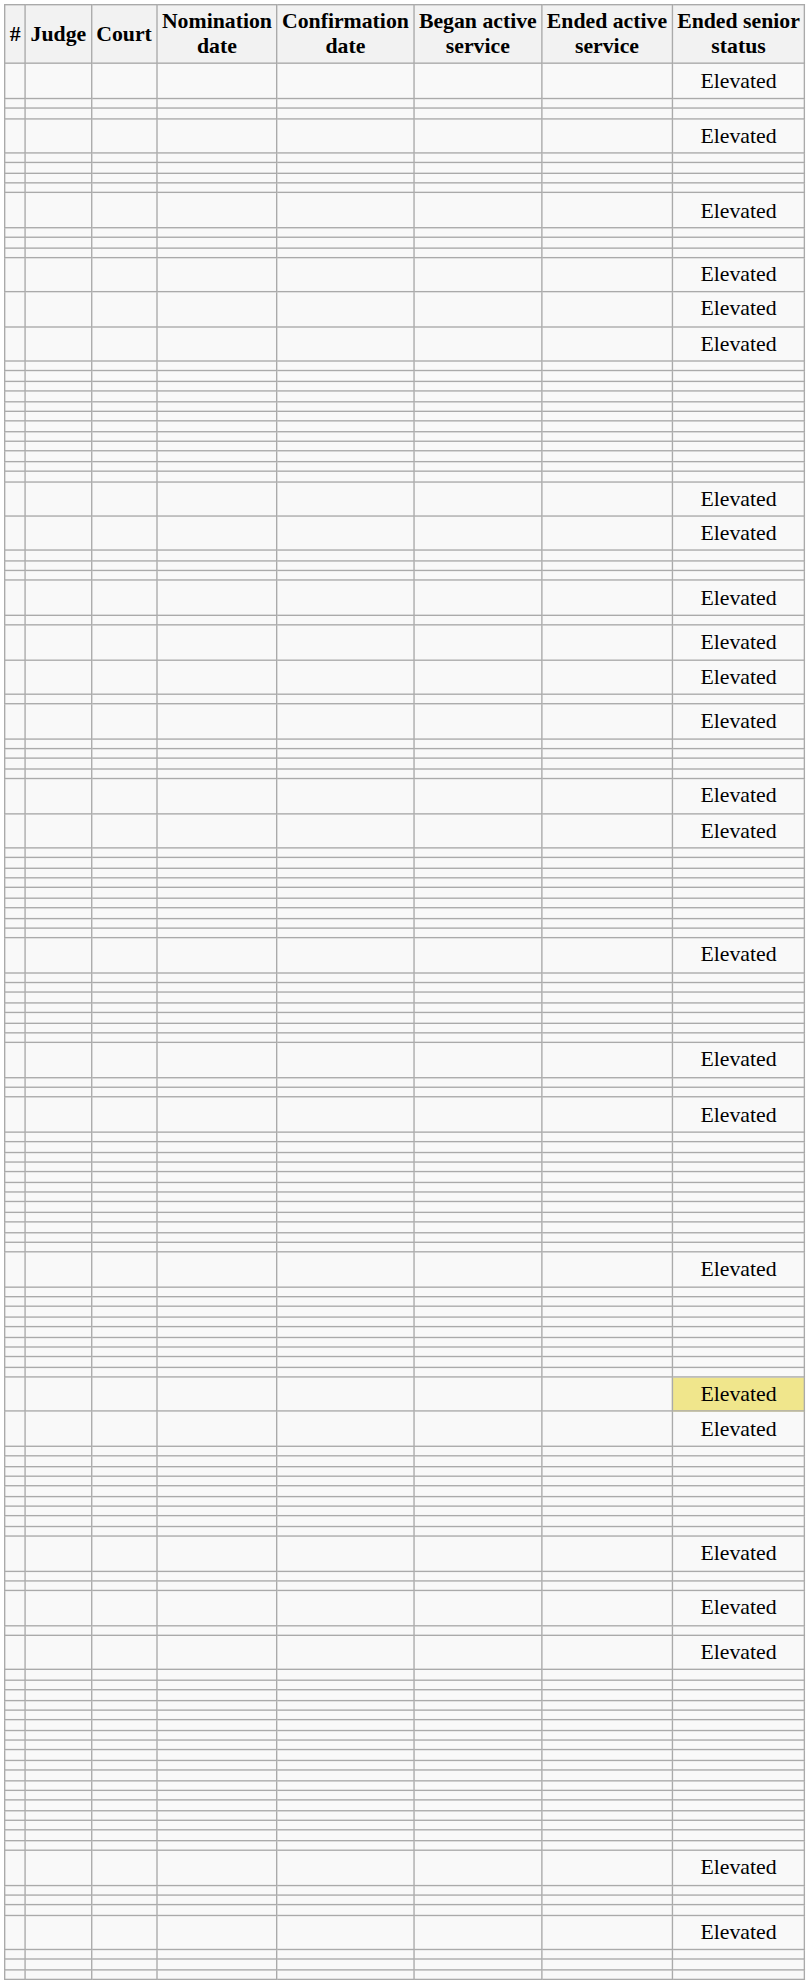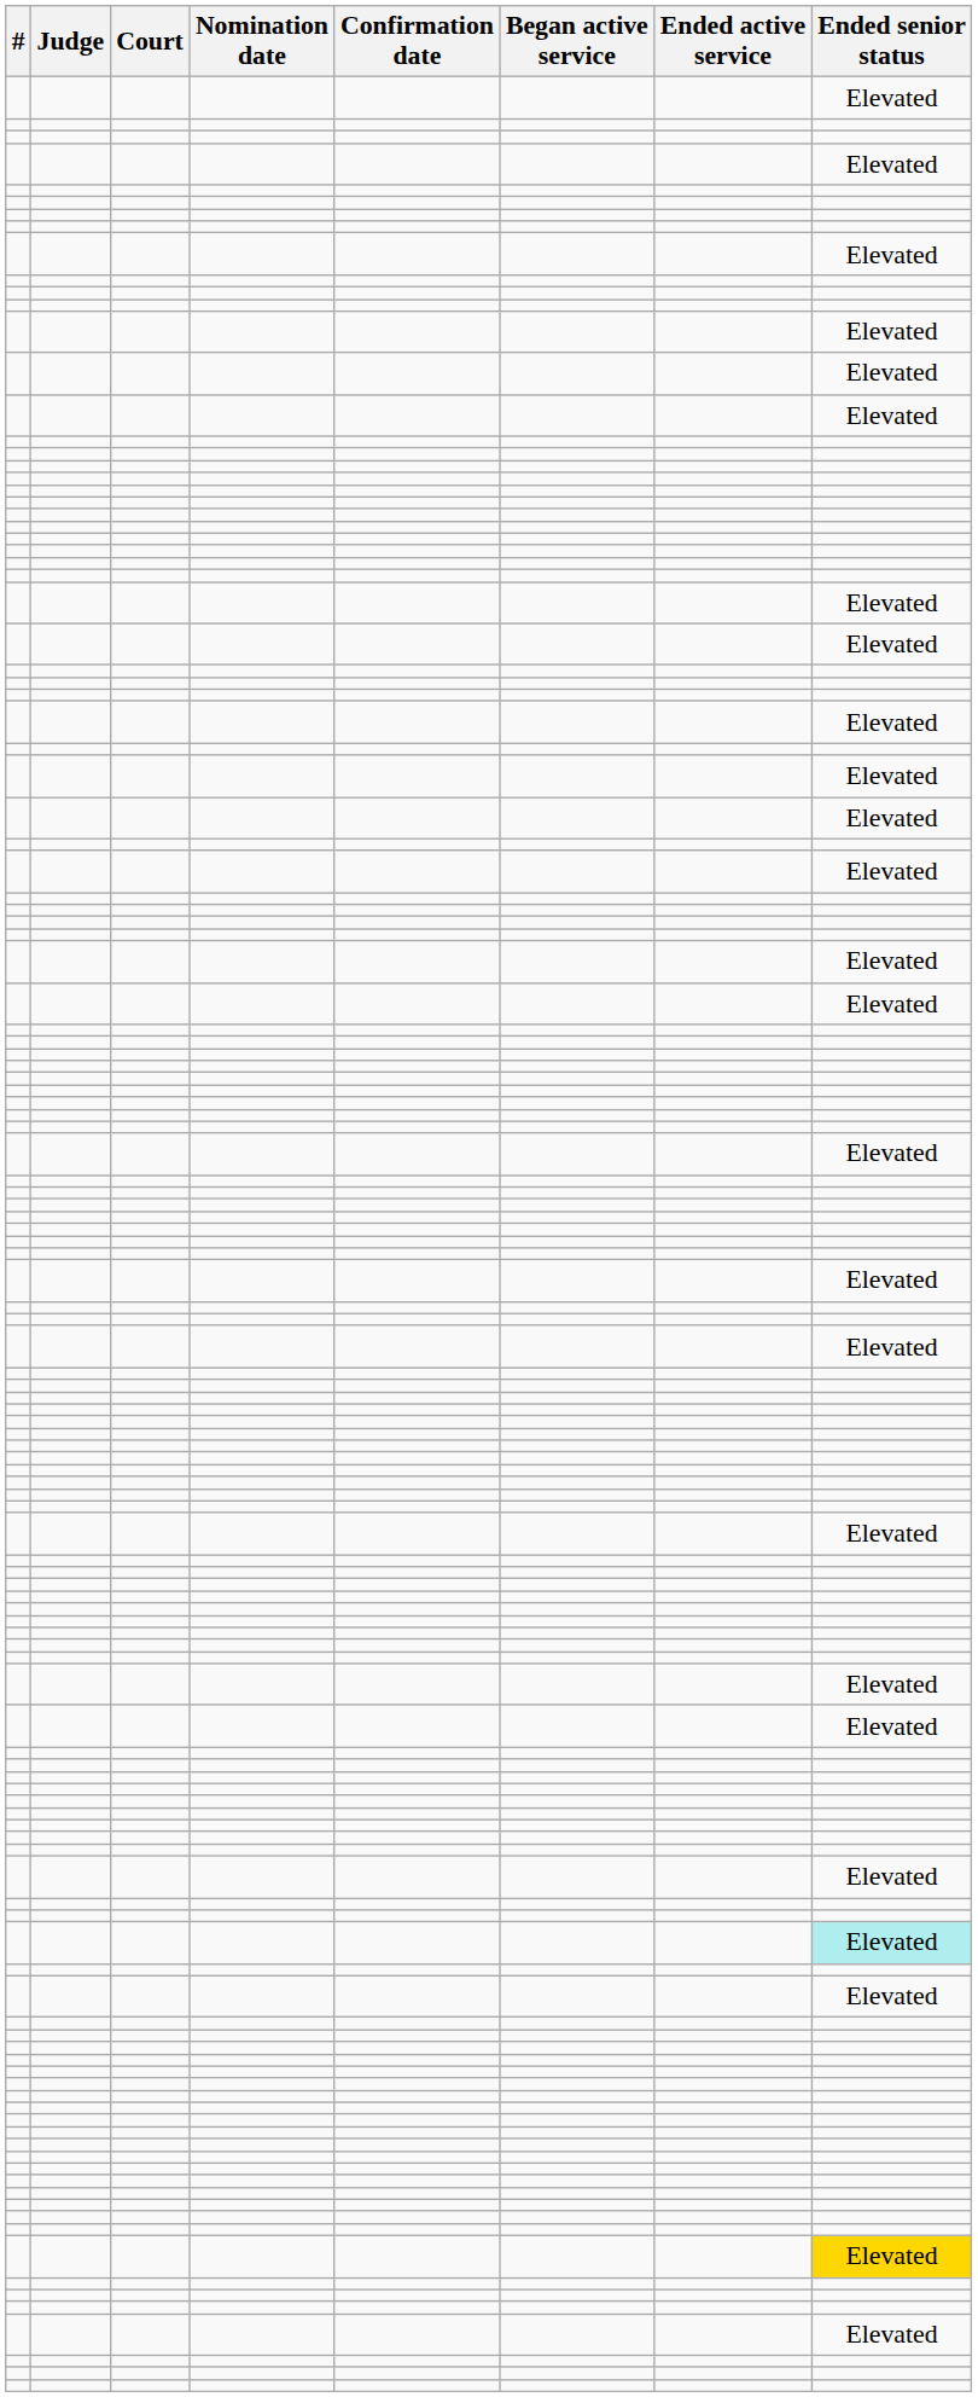 <table class="sortable wikitable">
 <tr bgcolor="#ececec">
 <th>#</th>
 <th>Judge</th>
 <th>Court<br></th>
 <th>Nomination<br>date</th>
 <th>Confirmation<br>date</th>
 <th>Began active<br>service</th>
 <th>Ended active<br>service</th>
 <th>Ended senior<br>status</th>
 </tr>
 <tr>
 <td></td>
 <td></td>
 <td></td>
 <td></td>
 <td></td>
 <td></td>
 <td></td>
 <td align="center">Elevated</td>
 </tr>
 <tr>
 <td></td>
 <td></td>
 <td></td>
 <td></td>
 <td></td>
 <td></td>
 <td></td>
 <td></td>
 </tr>
 <tr>
 <td></td>
 <td></td>
 <td></td>
 <td></td>
 <td></td>
 <td></td>
 <td></td>
 <td></td>
 </tr>
 <tr>
 <td></td>
 <td></td>
 <td></td>
 <td></td>
 <td></td>
 <td></td>
 <td></td>
 <td align="center">Elevated</td>
 </tr>
 <tr>
 <td></td>
 <td></td>
 <td></td>
 <td></td>
 <td></td>
 <td></td>
 <td></td>
 <td></td>
 </tr>
 <tr>
 <td></td>
 <td></td>
 <td></td>
 <td></td>
 <td></td>
 <td></td>
 <td></td>
 <td></td>
 </tr>
 <tr>
 <td></td>
 <td></td>
 <td></td>
 <td></td>
 <td></td>
 <td></td>
 <td></td>
 <td></td>
 </tr>
 <tr>
 <td></td>
 <td></td>
 <td></td>
 <td></td>
 <td></td>
 <td></td>
 <td></td>
 <td></td>
 </tr>
 <tr>
 <td></td>
 <td></td>
 <td></td>
 <td></td>
 <td></td>
 <td></td>
 <td></td>
 <td align="center">Elevated</td>
 </tr>
 <tr>
 <td></td>
 <td></td>
 <td></td>
 <td></td>
 <td></td>
 <td></td>
 <td></td>
 <td></td>
 </tr>
 <tr>
 <td></td>
 <td></td>
 <td></td>
 <td></td>
 <td></td>
 <td></td>
 <td></td>
 <td></td>
 </tr>
 <tr>
 <td></td>
 <td></td>
 <td></td>
 <td></td>
 <td></td>
 <td></td>
 <td></td>
 <td align="center"></td>
 </tr>
 <tr>
 <td></td>
 <td></td>
 <td></td>
 <td></td>
 <td></td>
 <td></td>
 <td></td>
 <td align="center">Elevated</td>
 </tr>
 <tr>
 <td></td>
 <td></td>
 <td></td>
 <td></td>
 <td></td>
 <td></td>
 <td></td>
 <td align="center">Elevated</td>
 </tr>
 <tr>
 <td></td>
 <td></td>
 <td></td>
 <td></td>
 <td></td>
 <td></td>
 <td></td>
 <td align="center">Elevated</td>
 </tr>
 <tr>
 <td></td>
 <td></td>
 <td></td>
 <td></td>
 <td></td>
 <td></td>
 <td></td>
 <td align="center"></td>
 </tr>
 <tr>
 <td></td>
 <td></td>
 <td></td>
 <td></td>
 <td></td>
 <td></td>
 <td></td>
 <td align="center"></td>
 </tr>
 <tr>
 <td></td>
 <td></td>
 <td></td>
 <td></td>
 <td></td>
 <td></td>
 <td></td>
 <td align="center"></td>
 </tr>
 <tr>
 <td></td>
 <td></td>
 <td></td>
 <td></td>
 <td></td>
 <td></td>
 <td></td>
 <td></td>
 </tr>
 <tr>
 <td></td>
 <td></td>
 <td></td>
 <td></td>
 <td></td>
 <td></td>
 <td></td>
 <td></td>
 </tr>
 <tr>
 <td></td>
 <td></td>
 <td></td>
 <td></td>
 <td></td>
 <td></td>
 <td></td>
 <td align="center"></td>
 </tr>
 <tr>
 <td></td>
 <td></td>
 <td></td>
 <td></td>
 <td></td>
 <td></td>
 <td></td>
 <td align="center"></td>
 </tr>
 <tr>
 <td></td>
 <td></td>
 <td></td>
 <td></td>
 <td></td>
 <td></td>
 <td></td>
 <td></td>
 </tr>
 <tr>
 <td></td>
 <td></td>
 <td></td>
 <td></td>
 <td></td>
 <td></td>
 <td></td>
 <td></td>
 </tr>
 <tr>
 <td></td>
 <td></td>
 <td></td>
 <td></td>
 <td></td>
 <td></td>
 <td></td>
 <td></td>
 </tr>
 <tr>
 <td></td>
 <td></td>
 <td></td>
 <td></td>
 <td></td>
 <td></td>
 <td></td>
 <td></td>
 </tr>
 <tr>
 <td></td>
 <td></td>
 <td></td>
 <td></td>
 <td></td>
 <td></td>
 <td></td>
 <td></td>
 </tr>
 <tr>
 <td></td>
 <td></td>
 <td></td>
 <td></td>
 <td></td>
 <td></td>
 <td></td>
 <td align="center">Elevated</td>
 </tr>
 <tr>
 <td></td>
 <td></td>
 <td></td>
 <td></td>
 <td></td>
 <td></td>
 <td></td>
 <td align="center">Elevated</td>
 </tr>
 <tr>
 <td></td>
 <td></td>
 <td></td>
 <td></td>
 <td></td>
 <td></td>
 <td></td>
 <td></td>
 </tr>
 <tr>
 <td></td>
 <td></td>
 <td></td>
 <td></td>
 <td></td>
 <td></td>
 <td></td>
 <td></td>
 </tr>
 <tr>
 <td></td>
 <td></td>
 <td></td>
 <td></td>
 <td></td>
 <td></td>
 <td></td>
 <td></td>
 </tr>
 <tr>
 <td></td>
 <td></td>
 <td></td>
 <td></td>
 <td></td>
 <td></td>
 <td></td>
 <td align="center">Elevated</td>
 </tr>
 <tr>
 <td></td>
 <td></td>
 <td></td>
 <td></td>
 <td></td>
 <td></td>
 <td></td>
 <td align="center"></td>
 </tr>
 <tr>
 <td></td>
 <td></td>
 <td></td>
 <td></td>
 <td></td>
 <td></td>
 <td></td>
 <td align="center">Elevated</td>
 </tr>
 <tr>
 <td></td>
 <td></td>
 <td></td>
 <td></td>
 <td></td>
 <td></td>
 <td></td>
 <td align="center">Elevated</td>
 </tr>
 <tr>
 <td></td>
 <td></td>
 <td></td>
 <td></td>
 <td></td>
 <td></td>
 <td></td>
 <td></td>
 </tr>
 <tr>
 <td></td>
 <td></td>
 <td></td>
 <td></td>
 <td></td>
 <td></td>
 <td></td>
 <td align="center">Elevated</td>
 </tr>
 <tr>
 <td></td>
 <td></td>
 <td></td>
 <td></td>
 <td></td>
 <td></td>
 <td></td>
 <td></td>
 </tr>
 <tr>
 <td></td>
 <td></td>
 <td></td>
 <td></td>
 <td></td>
 <td></td>
 <td></td>
 <td align="center"></td>
 </tr>
 <tr>
 <td></td>
 <td></td>
 <td></td>
 <td></td>
 <td></td>
 <td></td>
 <td></td>
 <td></td>
 </tr>
 <tr>
 <td></td>
 <td></td>
 <td></td>
 <td></td>
 <td></td>
 <td></td>
 <td></td>
 <td></td>
 </tr>
 <tr>
 <td></td>
 <td></td>
 <td></td>
 <td></td>
 <td></td>
 <td></td>
 <td></td>
 <td align="center">Elevated</td>
 </tr>
 <tr>
 <td></td>
 <td></td>
 <td></td>
 <td></td>
 <td></td>
 <td></td>
 <td></td>
 <td align="center">Elevated</td>
 </tr>
 <tr>
 <td></td>
 <td></td>
 <td></td>
 <td></td>
 <td></td>
 <td></td>
 <td></td>
 <td></td>
 </tr>
 <tr>
 <td></td>
 <td></td>
 <td></td>
 <td></td>
 <td></td>
 <td></td>
 <td></td>
 <td></td>
 </tr>
 <tr>
 <td></td>
 <td></td>
 <td></td>
 <td></td>
 <td></td>
 <td></td>
 <td></td>
 <td align="center"></td>
 </tr>
 <tr>
 <td></td>
 <td></td>
 <td></td>
 <td></td>
 <td></td>
 <td></td>
 <td></td>
 <td></td>
 </tr>
 <tr>
 <td></td>
 <td></td>
 <td></td>
 <td></td>
 <td></td>
 <td></td>
 <td></td>
 <td></td>
 </tr>
 <tr>
 <td></td>
 <td></td>
 <td></td>
 <td></td>
 <td></td>
 <td></td>
 <td></td>
 <td></td>
 </tr>
 <tr>
 <td></td>
 <td></td>
 <td></td>
 <td></td>
 <td></td>
 <td></td>
 <td></td>
 <td></td>
 </tr>
 <tr>
 <td></td>
 <td></td>
 <td></td>
 <td></td>
 <td></td>
 <td></td>
 <td></td>
 <td align="center"></td>
 </tr>
 <tr>
 <td></td>
 <td></td>
 <td></td>
 <td></td>
 <td></td>
 <td></td>
 <td></td>
 <td></td>
 </tr>
 <tr>
 <td></td>
 <td></td>
 <td></td>
 <td></td>
 <td></td>
 <td></td>
 <td></td>
 <td align="center">Elevated</td>
 </tr>
 <tr>
 <td></td>
 <td></td>
 <td></td>
 <td></td>
 <td></td>
 <td></td>
 <td></td>
 <td></td>
 </tr>
 <tr>
 <td></td>
 <td></td>
 <td></td>
 <td></td>
 <td></td>
 <td></td>
 <td></td>
 <td></td>
 </tr>
 <tr>
 <td></td>
 <td></td>
 <td></td>
 <td></td>
 <td></td>
 <td></td>
 <td></td>
 <td align="center"></td>
 </tr>
 <tr>
 <td></td>
 <td></td>
 <td></td>
 <td></td>
 <td></td>
 <td></td>
 <td></td>
 <td></td>
 </tr>
 <tr>
 <td></td>
 <td></td>
 <td></td>
 <td></td>
 <td></td>
 <td></td>
 <td></td>
 <td align="center"></td>
 </tr>
 <tr>
 <td></td>
 <td></td>
 <td></td>
 <td></td>
 <td></td>
 <td></td>
 <td></td>
 <td></td>
 </tr>
 <tr>
 <td></td>
 <td></td>
 <td></td>
 <td></td>
 <td></td>
 <td></td>
 <td></td>
 <td></td>
 </tr>
 <tr>
 <td></td>
 <td></td>
 <td></td>
 <td></td>
 <td></td>
 <td></td>
 <td></td>
 <td align="center">Elevated</td>
 </tr>
 <tr>
 <td></td>
 <td></td>
 <td></td>
 <td></td>
 <td></td>
 <td></td>
 <td></td>
 <td></td>
 </tr>
 <tr>
 <td></td>
 <td></td>
 <td></td>
 <td></td>
 <td></td>
 <td></td>
 <td></td>
 <td align="center"></td>
 </tr>
 <tr>
 <td></td>
 <td></td>
 <td></td>
 <td></td>
 <td></td>
 <td></td>
 <td></td>
 <td align="center">Elevated</td>
 </tr>
 <tr>
 <td></td>
 <td></td>
 <td></td>
 <td></td>
 <td></td>
 <td></td>
 <td></td>
 <td align="center"></td>
 </tr>
 <tr>
 <td></td>
 <td></td>
 <td></td>
 <td></td>
 <td></td>
 <td></td>
 <td></td>
 <td></td>
 </tr>
 <tr>
 <td></td>
 <td></td>
 <td></td>
 <td></td>
 <td></td>
 <td></td>
 <td></td>
 <td align="center"></td>
 </tr>
 <tr>
 <td></td>
 <td></td>
 <td></td>
 <td></td>
 <td></td>
 <td></td>
 <td></td>
 <td></td>
 </tr>
 <tr>
 <td></td>
 <td></td>
 <td></td>
 <td></td>
 <td></td>
 <td></td>
 <td></td>
 <td></td>
 </tr>
 <tr>
 <td></td>
 <td></td>
 <td></td>
 <td></td>
 <td></td>
 <td></td>
 <td></td>
 <td align="center"></td>
 </tr>
 <tr>
 <td></td>
 <td></td>
 <td></td>
 <td></td>
 <td></td>
 <td></td>
 <td></td>
 <td align="center"></td>
 </tr>
 <tr>
 <td></td>
 <td></td>
 <td></td>
 <td></td>
 <td></td>
 <td></td>
 <td></td>
 <td></td>
 </tr>
 <tr>
 <td></td>
 <td></td>
 <td></td>
 <td></td>
 <td></td>
 <td></td>
 <td></td>
 <td></td>
 </tr>
 <tr>
 <td></td>
 <td></td>
 <td></td>
 <td></td>
 <td></td>
 <td></td>
 <td></td>
 <td></td>
 </tr>
 <tr>
 <td></td>
 <td></td>
 <td></td>
 <td></td>
 <td></td>
 <td></td>
 <td></td>
 <td></td>
 </tr>
 <tr>
 <td></td>
 <td></td>
 <td></td>
 <td></td>
 <td></td>
 <td></td>
 <td></td>
 <td></td>
 </tr>
 <tr>
 <td></td>
 <td></td>
 <td></td>
 <td></td>
 <td></td>
 <td></td>
 <td></td>
 <td align="center">Elevated</td>
 </tr>
 <tr>
 <td></td>
 <td></td>
 <td></td>
 <td></td>
 <td></td>
 <td></td>
 <td></td>
 <td></td>
 </tr>
 <tr>
 <td></td>
 <td></td>
 <td></td>
 <td></td>
 <td></td>
 <td></td>
 <td></td>
 <td></td>
 </tr>
 <tr>
 <td></td>
 <td></td>
 <td></td>
 <td></td>
 <td></td>
 <td></td>
 <td></td>
 <td align="center"></td>
 </tr>
 <tr>
 <td></td>
 <td></td>
 <td></td>
 <td></td>
 <td></td>
 <td></td>
 <td></td>
 <td></td>
 </tr>
 <tr>
 <td></td>
 <td></td>
 <td></td>
 <td></td>
 <td></td>
 <td></td>
 <td></td>
 <td></td>
 </tr>
 <tr>
 <td></td>
 <td></td>
 <td></td>
 <td></td>
 <td></td>
 <td></td>
 <td></td>
 <td align="center"></td>
 </tr>
 <tr>
 <td></td>
 <td></td>
 <td></td>
 <td></td>
 <td></td>
 <td></td>
 <td></td>
 <td align="center"></td>
 </tr>
 <tr>
 <td></td>
 <td></td>
 <td></td>
 <td></td>
 <td></td>
 <td></td>
 <td></td>
 <td align="center"></td>
 </tr>
 <tr>
 <td></td>
 <td></td>
 <td></td>
 <td></td>
 <td></td>
 <td></td>
 <td></td>
 <td></td>
 </tr>
 <tr>
 <td></td>
 <td></td>
 <td></td>
 <td></td>
 <td></td>
 <td></td>
 <td></td>
-<td align="center" style="background: khaki;">Elevated</td>
+<td align="center">Elevated</td>
 </tr>
 <tr>
 <td></td>
 <td></td>
 <td></td>
 <td></td>
 <td></td>
 <td></td>
 <td></td>
 <td align="center">Elevated</td>
 </tr>
 <tr>
 <td></td>
 <td></td>
 <td></td>
 <td></td>
 <td></td>
 <td></td>
 <td></td>
 <td align="center"></td>
 </tr>
 <tr>
 <td></td>
 <td></td>
 <td></td>
 <td></td>
 <td></td>
 <td></td>
 <td></td>
 <td></td>
 </tr>
 <tr>
 <td></td>
 <td></td>
 <td></td>
 <td></td>
 <td></td>
 <td></td>
 <td></td>
 <td></td>
 </tr>
 <tr>
 <td></td>
 <td></td>
 <td></td>
 <td></td>
 <td></td>
 <td></td>
 <td></td>
 <td></td>
 </tr>
 <tr>
 <td></td>
 <td></td>
 <td></td>
 <td></td>
 <td></td>
 <td></td>
 <td></td>
 <td align="center"></td>
 </tr>
 <tr>
 <td></td>
 <td></td>
 <td></td>
 <td></td>
 <td></td>
 <td></td>
 <td></td>
 <td></td>
 </tr>
 <tr>
 <td></td>
 <td></td>
 <td></td>
 <td></td>
 <td></td>
 <td></td>
 <td></td>
 <td></td>
 </tr>
 <tr>
 <td></td>
 <td></td>
 <td></td>
 <td></td>
 <td></td>
 <td></td>
 <td></td>
 <td></td>
 </tr>
 <tr>
 <td></td>
 <td></td>
 <td></td>
 <td></td>
 <td align="center"></td>
 <td></td>
 <td></td>
 <td align="center"></td>
 </tr>
 <tr>
 <td></td>
 <td></td>
 <td></td>
 <td></td>
 <td></td>
 <td></td>
 <td></td>
 <td align="center">Elevated</td>
 </tr>
 <tr>
 <td></td>
 <td></td>
 <td></td>
 <td></td>
 <td></td>
 <td></td>
 <td></td>
 <td></td>
 </tr>
 <tr>
 <td></td>
 <td></td>
 <td></td>
 <td></td>
 <td></td>
 <td></td>
 <td></td>
 <td></td>
 </tr>
 <tr>
 <td></td>
 <td></td>
 <td></td>
 <td></td>
 <td></td>
 <td></td>
 <td></td>
-<td align="center">Elevated</td>
+<td align="center" style="background: paleturquoise;">Elevated</td>
 </tr>
 <tr>
 <td></td>
 <td></td>
 <td></td>
 <td></td>
 <td></td>
 <td></td>
 <td></td>
 <td></td>
 </tr>
 <tr>
 <td></td>
 <td></td>
 <td></td>
 <td></td>
 <td></td>
 <td></td>
 <td></td>
 <td align="center">Elevated</td>
 </tr>
 <tr>
 <td></td>
 <td></td>
 <td></td>
 <td></td>
 <td></td>
 <td></td>
 <td></td>
 <td></td>
 </tr>
 <tr>
 <td></td>
 <td></td>
 <td></td>
 <td></td>
 <td></td>
 <td></td>
 <td></td>
 <td></td>
 </tr>
 <tr>
 <td></td>
 <td></td>
 <td></td>
 <td></td>
 <td></td>
 <td></td>
 <td></td>
 <td align="center"></td>
 </tr>
 <tr>
 <td></td>
 <td></td>
 <td></td>
 <td></td>
 <td></td>
 <td></td>
 <td></td>
 <td></td>
 </tr>
 <tr>
 <td></td>
 <td></td>
 <td></td>
 <td></td>
 <td></td>
 <td></td>
 <td></td>
 <td></td>
 </tr>
 <tr>
 <td></td>
 <td></td>
 <td></td>
 <td></td>
 <td></td>
 <td></td>
 <td></td>
 <td align="center"></td>
 </tr>
 <tr>
 <td></td>
 <td></td>
 <td></td>
 <td></td>
 <td></td>
 <td></td>
 <td></td>
 <td></td>
 </tr>
 <tr>
 <td></td>
 <td></td>
 <td></td>
 <td></td>
 <td></td>
 <td></td>
 <td></td>
 <td></td>
 </tr>
 <tr>
 <td></td>
 <td></td>
 <td></td>
 <td></td>
 <td></td>
 <td></td>
 <td></td>
 <td></td>
 </tr>
 <tr>
 <td></td>
 <td></td>
 <td></td>
 <td></td>
 <td></td>
 <td></td>
 <td></td>
 <td></td>
 </tr>
 <tr>
 <td></td>
 <td></td>
 <td></td>
 <td></td>
 <td></td>
 <td></td>
 <td></td>
 <td></td>
 </tr>
 <tr>
 <td></td>
 <td></td>
 <td></td>
 <td></td>
 <td></td>
 <td></td>
 <td></td>
 <td align="center"></td>
 </tr>
 <tr>
 <td></td>
 <td></td>
 <td></td>
 <td></td>
 <td></td>
 <td></td>
 <td></td>
 <td></td>
 </tr>
 <tr>
 <td></td>
 <td></td>
 <td></td>
 <td></td>
 <td></td>
 <td></td>
 <td></td>
 <td></td>
 </tr>
 <tr>
 <td></td>
 <td></td>
 <td></td>
 <td></td>
 <td></td>
 <td></td>
 <td></td>
 <td></td>
 </tr>
 <tr>
 <td></td>
 <td></td>
 <td></td>
 <td></td>
 <td></td>
 <td></td>
 <td></td>
 <td></td>
 </tr>
 <tr>
 <td></td>
 <td></td>
 <td></td>
 <td></td>
 <td></td>
 <td></td>
 <td></td>
 <td align="center"></td>
 </tr>
 <tr>
 <td></td>
 <td></td>
 <td></td>
 <td></td>
 <td></td>
 <td></td>
 <td></td>
 <td></td>
 </tr>
 <tr>
 <td></td>
 <td></td>
 <td></td>
 <td></td>
 <td></td>
 <td></td>
 <td></td>
-<td align="center">Elevated</td>
+<td align="center" style="background: gold;">Elevated</td>
 </tr>
 <tr>
 <td></td>
 <td></td>
 <td></td>
 <td></td>
 <td></td>
 <td></td>
 <td></td>
 <td></td>
 </tr>
 <tr>
 <td></td>
 <td></td>
 <td></td>
 <td></td>
 <td></td>
 <td></td>
 <td></td>
 <td></td>
 </tr>
 <tr>
 <td></td>
 <td></td>
 <td></td>
 <td></td>
 <td></td>
 <td></td>
 <td></td>
 <td align="center"></td>
 </tr>
 <tr>
 <td></td>
 <td></td>
 <td></td>
 <td></td>
 <td></td>
 <td></td>
 <td></td>
 <td align="center">Elevated</td>
 </tr>
 <tr>
 <td></td>
 <td></td>
 <td></td>
 <td></td>
 <td></td>
 <td></td>
 <td></td>
 <td></td>
 </tr>
 <tr>
 <td></td>
 <td></td>
 <td></td>
 <td></td>
 <td align="center"></td>
 <td></td>
 <td></td>
 <td align="center"></td>
 </tr>
 <tr>
 <td></td>
 <td></td>
 <td></td>
 <td></td>
 <td></td>
 <td></td>
 <td></td>
 <td></td>
 </tr>
 </table>
